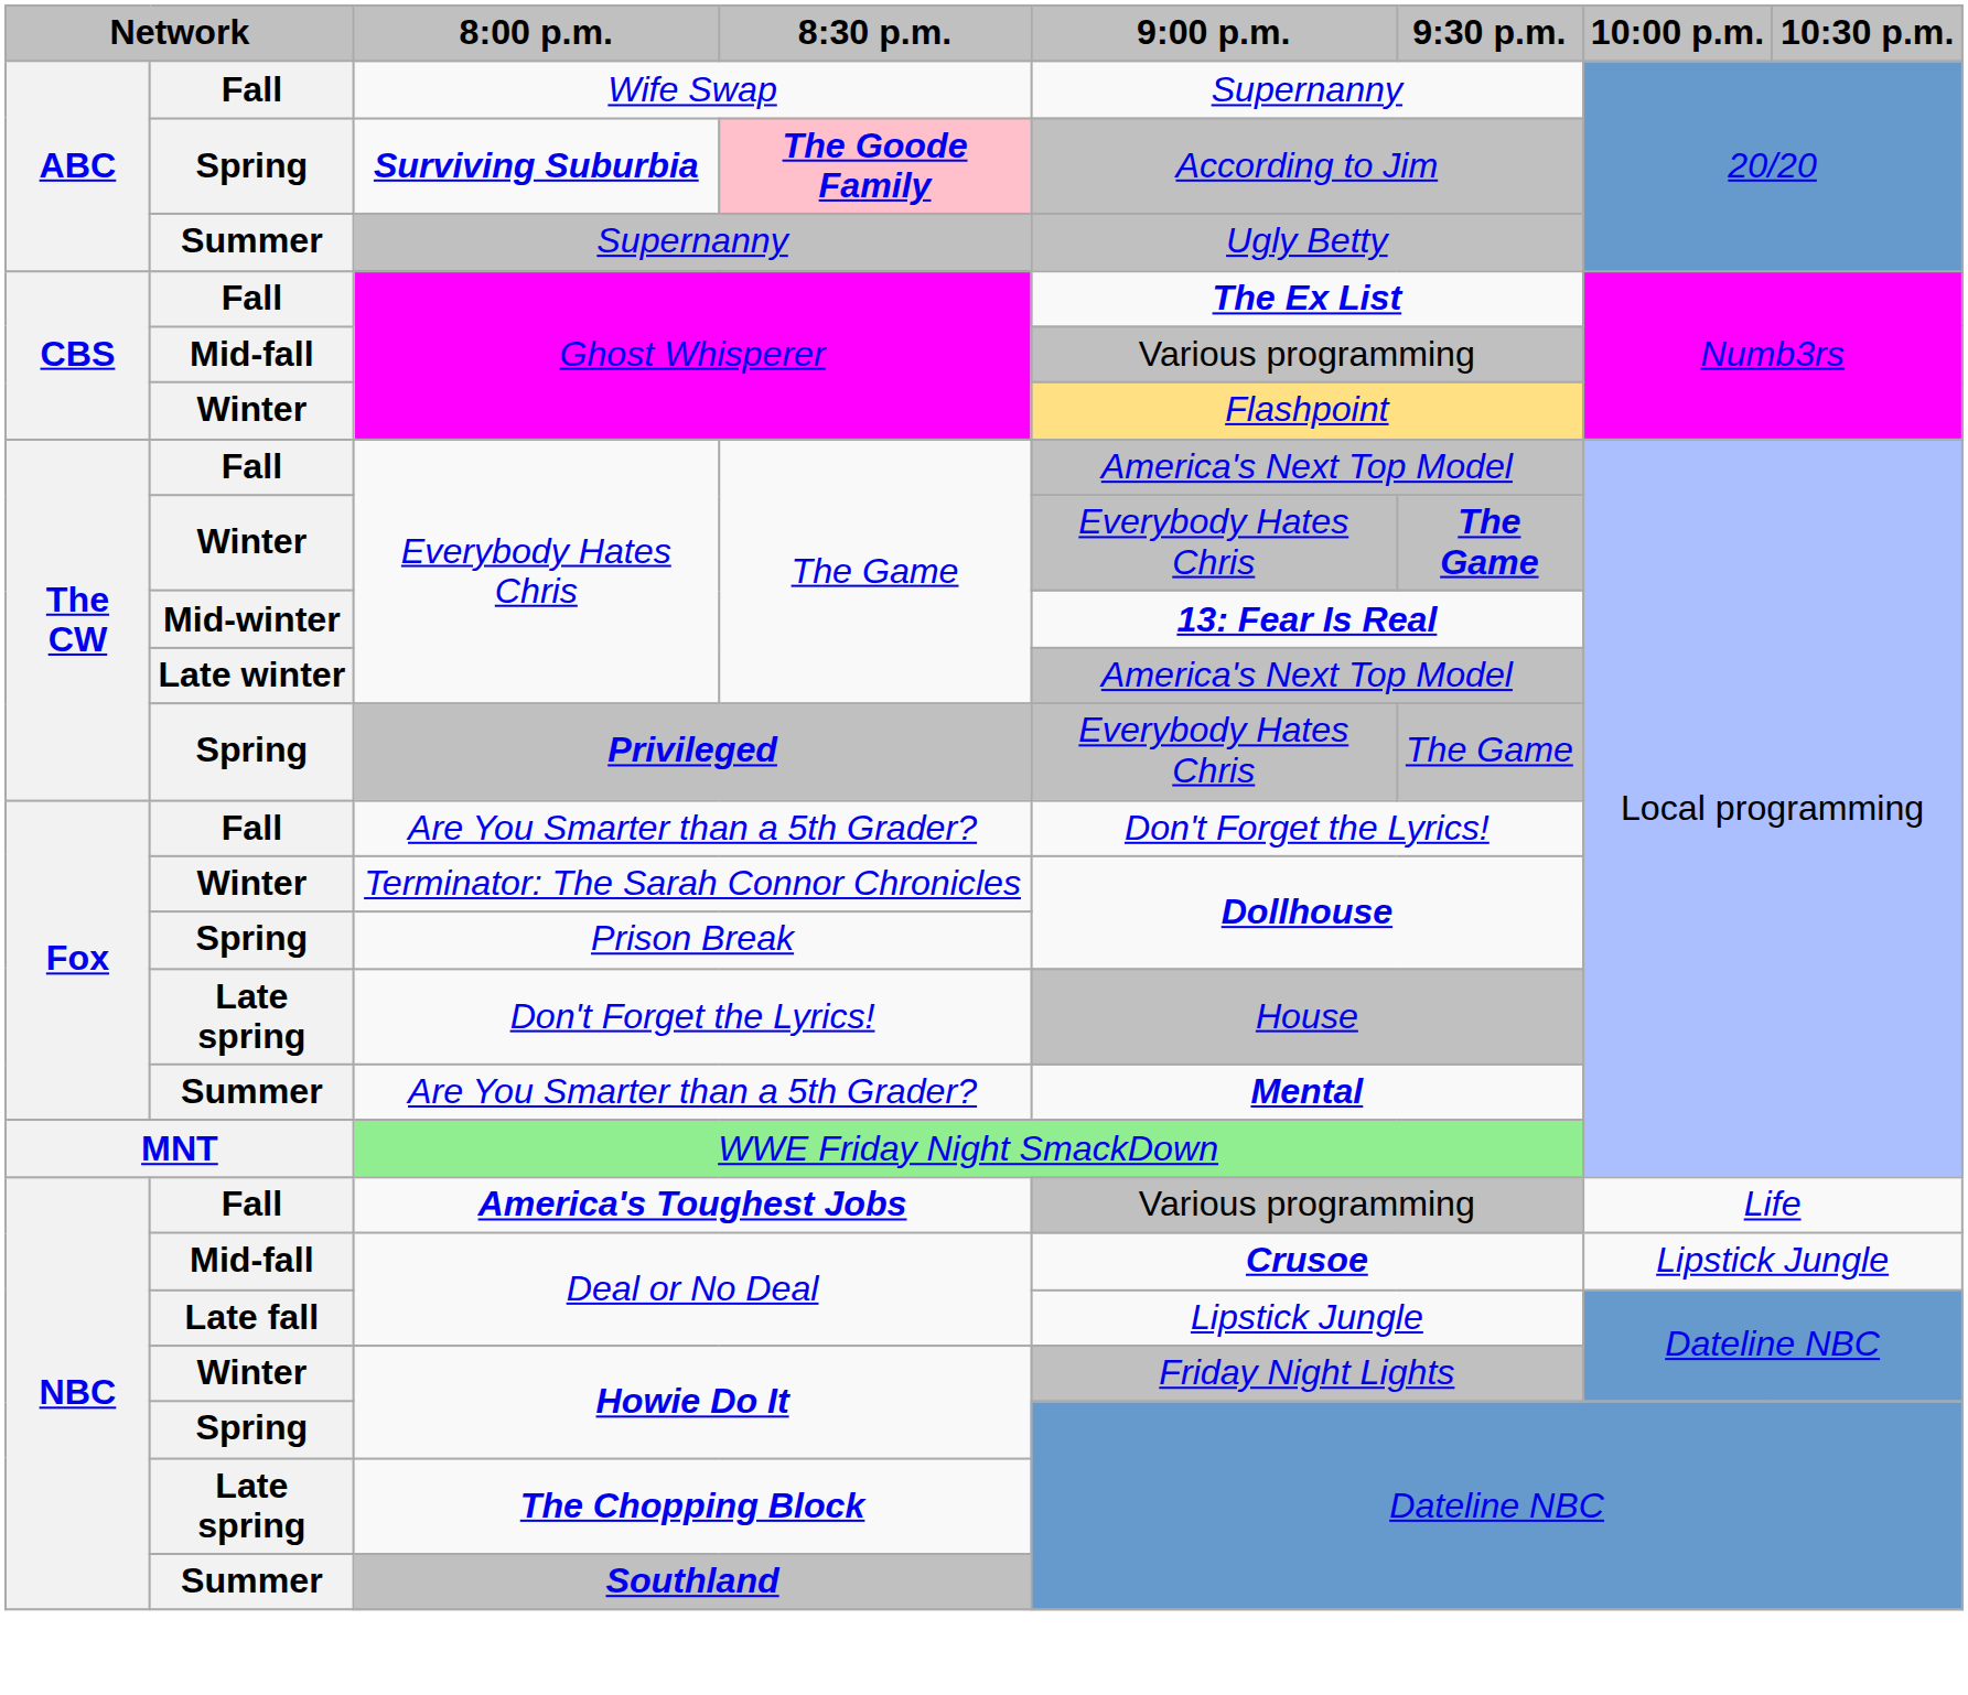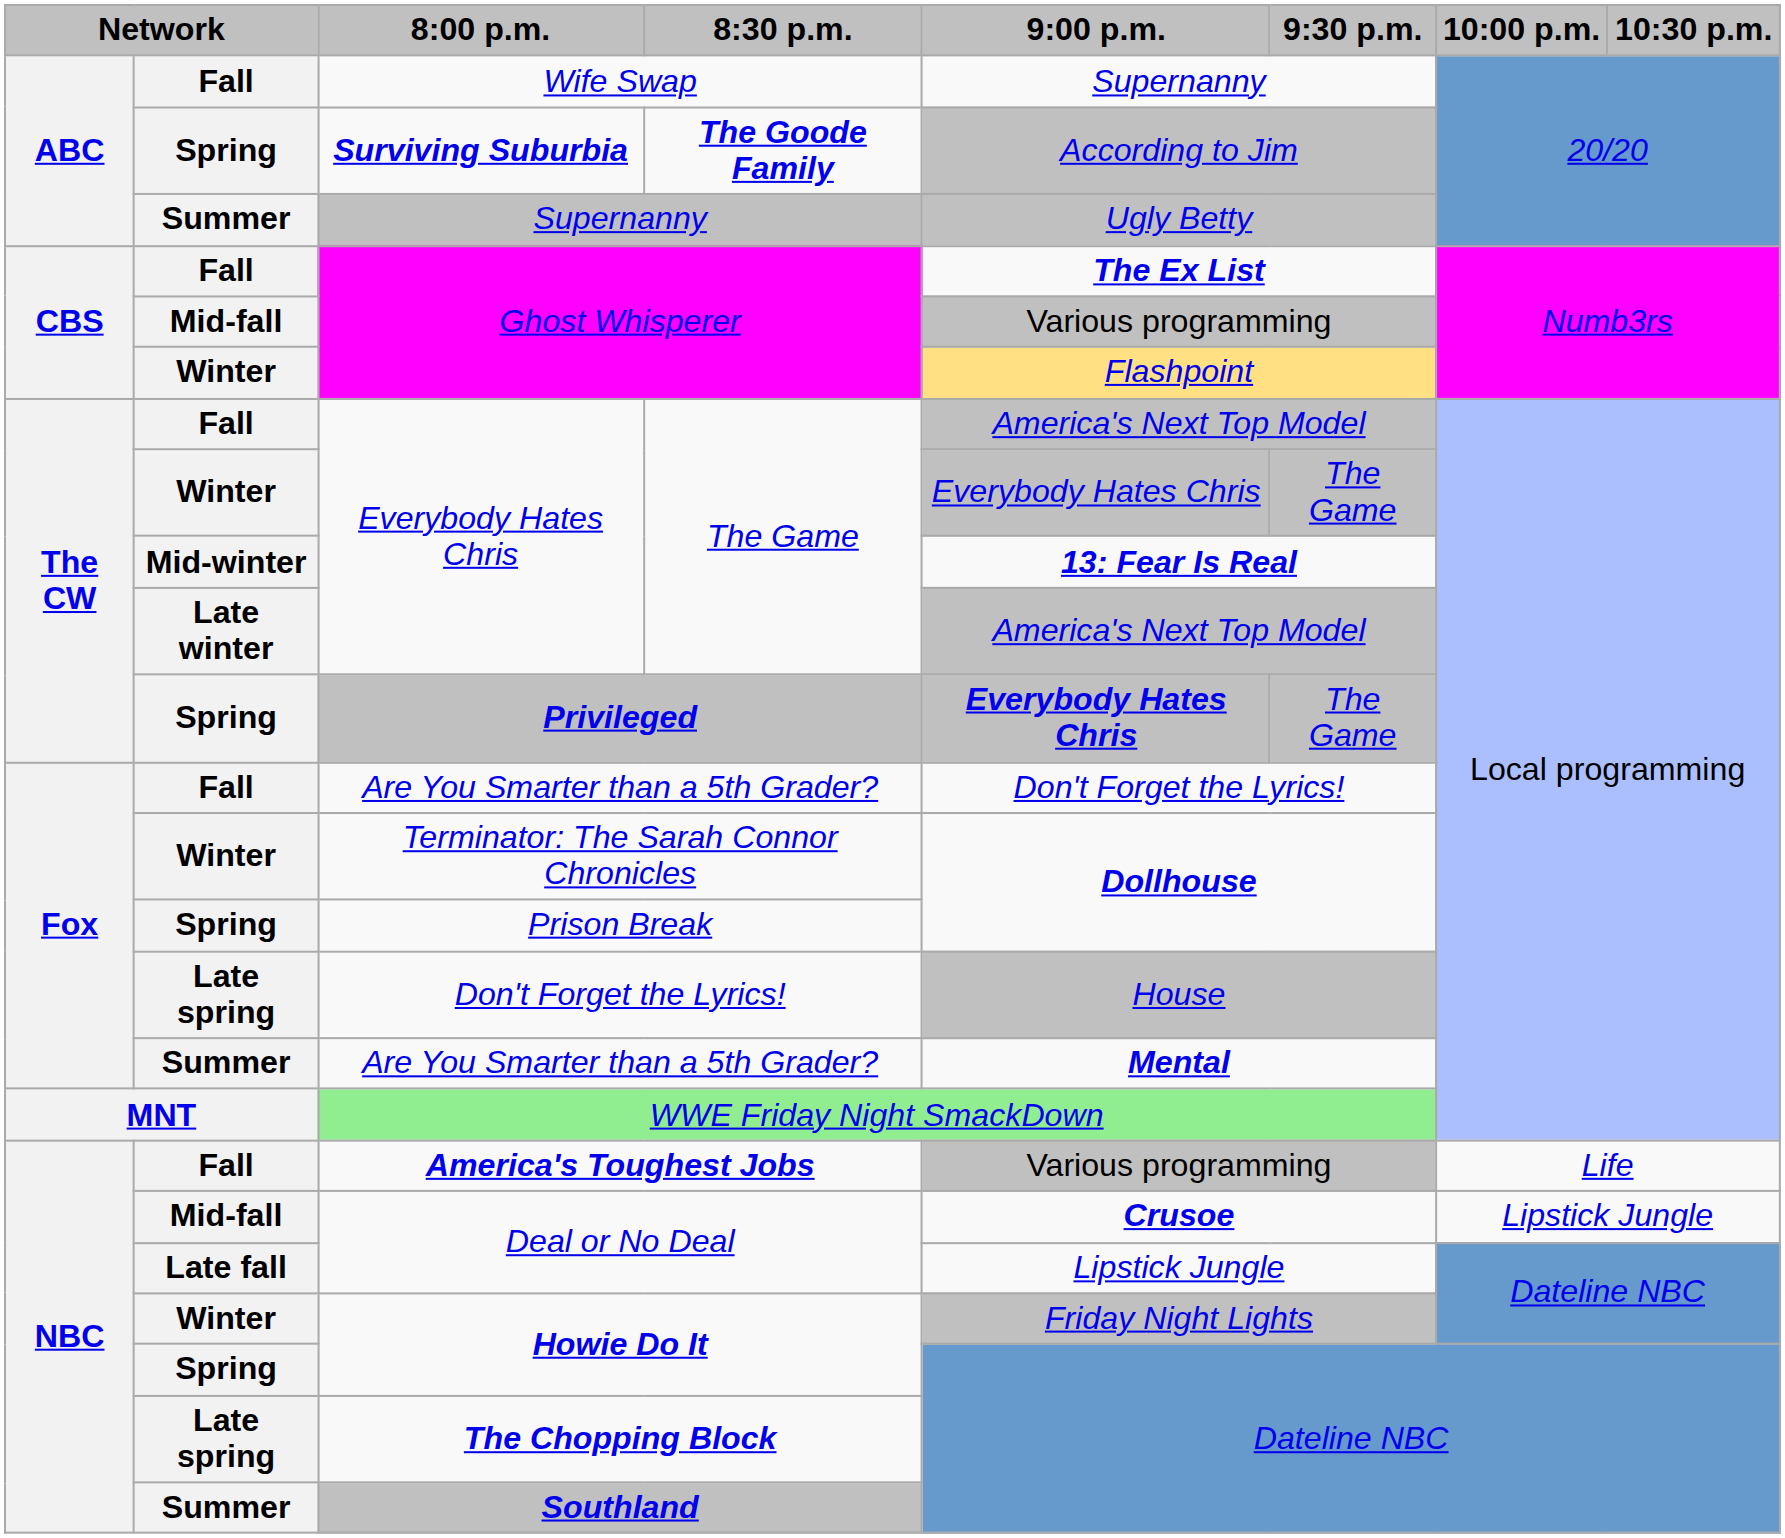 <table class="wikitable" style="width:100%;margin-right:0;text-align:center">
 <tr>
 <th colspan="2" style="background-color:#C0C0C0;text-align:center">Network</th>
 <th style="background-color:#C0C0C0;text-align:center">8:00 p.m.</th>
 <th style="background-color:#C0C0C0;text-align:center">8:30 p.m.</th>
 <th style="background-color:#C0C0C0;text-align:center">9:00 p.m.</th>
 <th style="background-color:#C0C0C0;text-align:center">9:30 p.m.</th>
 <th style="background-color:#C0C0C0;text-align:center">10:00 p.m.</th>
 <th style="background-color:#C0C0C0;text-align:center">10:30 p.m.</th>
 </tr>
 <tr>
 <th rowspan="3"><a href='#'>ABC</a></th>
 <th>Fall</th>
 <td colspan="2"><em><a href='#'>Wife Swap</a></em></td>
 <td colspan="2"><em><a href='#'>Supernanny</a></em></td>
 <td rowspan="3" colspan="2" style="background:#6699CC;"><em><a href='#'>20/20</a></em></td>
 </tr>
 <tr>
 <th>Spring</th>
 <td><strong><em><a href='#'>Surviving Suburbia</a></em></strong></td>
-<td style="background: pink;"><strong><em><a href='#'>The Goode Family</a></em></strong></td>
+<td><strong><em><a href='#'>The Goode Family</a></em></strong></td>
 <td colspan="2" style="background:#C0C0C0;"><em><a href='#'>According to Jim</a></em> </td>
 </tr>
 <tr>
 <th>Summer</th>
 <td colspan="2" style="background:#C0C0C0;"><em><a href='#'>Supernanny</a></em> </td>
 <td colspan="2" style="background:#C0C0C0;"><em><a href='#'>Ugly Betty</a></em> </td>
 </tr>
 <tr>
 <th rowspan="3"><a href='#'>CBS</a></th>
 <th>Fall</th>
 <td style="background:#FF00FF;" colspan="2" rowspan="3"><em><a href='#'>Ghost Whisperer</a></em> </td>
 <td colspan="2"><strong><em><a href='#'>The Ex List</a></em></strong></td>
 <td style="background:#FF00FF;" colspan="2" rowspan="3"><em><a href='#'>Numb3rs</a></em> </td>
 </tr>
 <tr>
 <th>Mid-fall</th>
 <td colspan="2" style="background:#C0C0C0;">Various programming</td>
 </tr>
 <tr>
 <th>Winter</th>
 <td colspan="2" style="background:#FFE082;"><em><a href='#'>Flashpoint</a></em></td>
 </tr>
 <tr>
 <th rowspan="5"><a href='#'>The CW</a></th>
 <th>Fall</th>
 <td rowspan="4"><em><a href='#'>Everybody Hates Chris</a></em></td>
 <td rowspan="4"><em><a href='#'>The Game</a></em></td>
 <td colspan="2" style="background:#C0C0C0;"><em><a href='#'>America's Next Top Model</a></em> </td>
 <td style="background:#abbfff;" colspan="2" rowspan="11">Local programming</td>
 </tr>
 <tr>
 <th>Winter</th>
 <td style="background:#C0C0C0;"><em><a href='#'>Everybody Hates Chris</a></em> </td>
-<td style="background:#C0C0C0;"><strong><em><a href='#'>The Game</a></em> </strong></td>
+<td style="background:#C0C0C0;"><em><a href='#'>The Game</a></em> </td>
 </tr>
 <tr>
 <th>Mid-winter</th>
 <td colspan="2"><strong><em><a href='#'>13: Fear Is Real</a></em></strong></td>
 </tr>
 <tr>
 <th>Late winter</th>
 <td colspan="2" style="background:#C0C0C0;"><em><a href='#'>America's Next Top Model</a></em> </td>
 </tr>
 <tr>
 <th>Spring</th>
 <td colspan="2" style="background:#C0C0C0;"><strong><em><a href='#'>Privileged</a></em></strong> </td>
-<td style="background:#C0C0C0;"><em><a href='#'>Everybody Hates Chris</a></em> </td>
+<td style="background:#C0C0C0;"><strong><em><a href='#'>Everybody Hates Chris</a></em> </strong></td>
 <td style="background:#C0C0C0;"><em><a href='#'>The Game</a></em> </td>
 </tr>
 <tr>
 <th rowspan="5"><a href='#'>Fox</a></th>
 <th>Fall</th>
 <td colspan="2"><em><a href='#'>Are You Smarter than a 5th Grader?</a></em></td>
 <td colspan="2"><em><a href='#'>Don't Forget the Lyrics!</a></em></td>
 </tr>
 <tr>
 <th>Winter</th>
 <td colspan="2"><em><a href='#'>Terminator: The Sarah Connor Chronicles</a></em></td>
 <td rowspan="2" colspan="2"><strong><em><a href='#'>Dollhouse</a></em></strong></td>
 </tr>
 <tr>
 <th>Spring</th>
 <td colspan="2"><em><a href='#'>Prison Break</a></em></td>
 </tr>
 <tr>
 <th>Late spring</th>
 <td colspan="2"><em><a href='#'>Don't Forget the Lyrics!</a></em></td>
 <td colspan="2" style="background:#C0C0C0;"><em><a href='#'>House</a></em> </td>
 </tr>
 <tr>
 <th>Summer</th>
 <td colspan="2"><em><a href='#'>Are You Smarter than a 5th Grader?</a></em></td>
 <td colspan="2"><strong><em><a href='#'>Mental</a></em></strong></td>
 </tr>
 <tr>
 <th colspan="2"><a href='#'>MNT</a></th>
 <td colspan="4" style="background:lightgreen;"><em><a href='#'>WWE Friday Night SmackDown</a></em></td>
 </tr>
 <tr>
 <th rowspan="7"><a href='#'>NBC</a></th>
 <th>Fall</th>
 <td colspan="2"><strong><em><a href='#'>America's Toughest Jobs</a></em></strong></td>
 <td colspan="2" style="background:#C0C0C0;">Various programming</td>
 <td colspan="2"><em><a href='#'>Life</a></em></td>
 </tr>
 <tr>
 <th>Mid-fall</th>
 <td colspan="2" rowspan="2"><em><a href='#'>Deal or No Deal</a></em></td>
 <td colspan="2"><strong><em><a href='#'>Crusoe</a></em></strong></td>
 <td colspan="2"><em><a href='#'>Lipstick Jungle</a></em></td>
 </tr>
 <tr>
 <th>Late fall</th>
 <td colspan="2"><em><a href='#'>Lipstick Jungle</a></em></td>
 <td colspan="2" rowspan="2" style="background:#6699CC;"><em><a href='#'>Dateline NBC</a></em></td>
 </tr>
 <tr>
 <th>Winter</th>
 <td rowspan="2" colspan="2"><strong><em><a href='#'>Howie Do It</a></em></strong></td>
 <td colspan="2" style="background:#C0C0C0;"><em><a href='#'>Friday Night Lights</a></em> </td>
 </tr>
 <tr>
 <th>Spring</th>
 <td rowspan="3" colspan="4" style="background:#6699CC;"><em><a href='#'>Dateline NBC</a></em></td>
 </tr>
 <tr>
 <th>Late spring</th>
 <td colspan="2"><strong><em><a href='#'>The Chopping Block</a></em></strong></td>
 </tr>
 <tr>
 <th>Summer</th>
 <td colspan="2" style="background:#C0C0C0;"><strong><em><a href='#'>Southland</a></em></strong> </td>
 </tr>
 </table>
